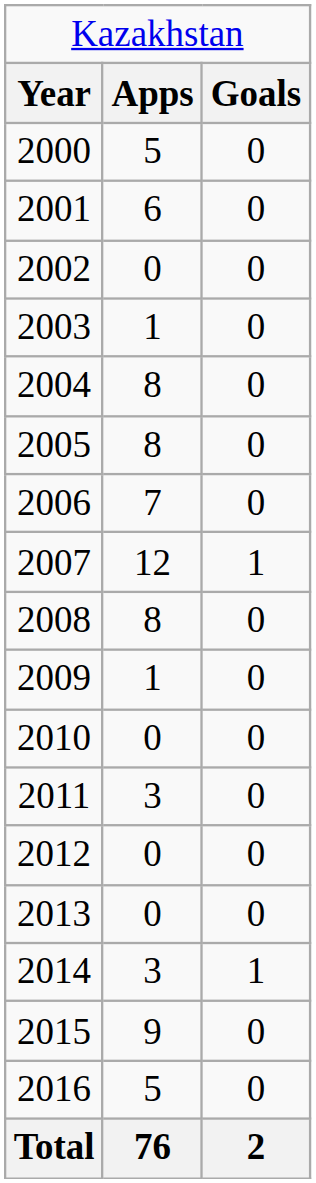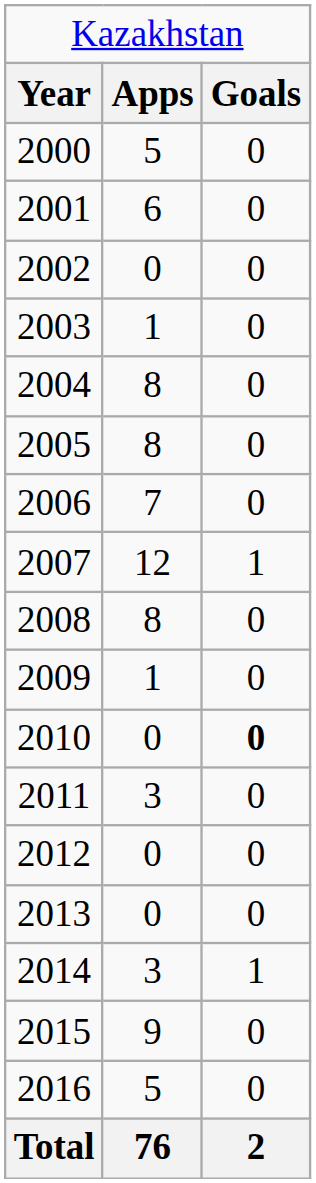 <table class="wikitable" style="text-align:center">
 <tr>
 <td colspan=3><a href='#'>Kazakhstan</a></td>
 </tr>
 <tr>
 <th>Year</th>
 <th>Apps</th>
 <th>Goals</th>
 </tr>
 <tr>
 <td>2000</td>
 <td>5</td>
 <td>0</td>
 </tr>
 <tr>
 <td>2001</td>
 <td>6</td>
 <td>0</td>
 </tr>
 <tr>
 <td>2002</td>
 <td>0</td>
 <td>0</td>
 </tr>
 <tr>
 <td>2003</td>
 <td>1</td>
 <td>0</td>
 </tr>
 <tr>
 <td>2004</td>
 <td>8</td>
 <td>0</td>
 </tr>
 <tr>
 <td>2005</td>
 <td>8</td>
 <td>0</td>
 </tr>
 <tr>
 <td>2006</td>
 <td>7</td>
 <td>0</td>
 </tr>
 <tr>
 <td>2007</td>
 <td>12</td>
 <td>1</td>
 </tr>
 <tr>
 <td>2008</td>
 <td>8</td>
 <td>0</td>
 </tr>
 <tr>
 <td>2009</td>
 <td>1</td>
 <td>0</td>
 </tr>
 <tr>
 <td>2010</td>
 <td>0</td>
-<td>0</td>
+<td><strong>0</strong></td>
 </tr>
 <tr>
 <td>2011</td>
 <td>3</td>
 <td>0</td>
 </tr>
 <tr>
 <td>2012</td>
 <td>0</td>
 <td>0</td>
 </tr>
 <tr>
 <td>2013</td>
 <td>0</td>
 <td>0</td>
 </tr>
 <tr>
 <td>2014</td>
 <td>3</td>
 <td>1</td>
 </tr>
 <tr>
 <td>2015</td>
 <td>9</td>
 <td>0</td>
 </tr>
 <tr>
 <td>2016</td>
 <td>5</td>
 <td>0</td>
 </tr>
 <tr>
 <th>Total</th>
 <th>76</th>
 <th>2</th>
 </tr>
 </table>
